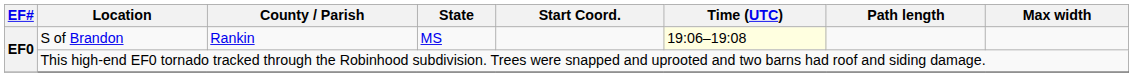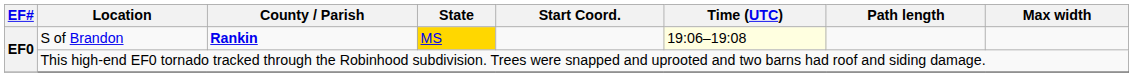 <table class="wikitable sortable" style="width:100%;">
 <tr>
 <th scope="col" width="2%" align="center"><a href='#'>EF#</a></th>
 <th scope="col" align="center" class="unsortable">Location</th>
 <th scope="col" align="center" class="unsortable">County / Parish</th>
 <th scope="col" align="center">State</th>
 <th scope="col" align="center">Start Coord.</th>
 <th scope="col" align="center">Time (<a href='#'>UTC</a>)</th>
 <th scope="col" align="center">Path length</th>
 <th scope="col" align="center">Max width</th>
 </tr>
 <tr>
 <th scope="row" rowspan="2" style="background-color:#">EF0</th>
 <td>S of <a href='#'>Brandon</a></td>
-<td><a href='#'>Rankin</a></td>
-<td><a href='#'>MS</a></td>
+<td><strong><a href='#'>Rankin</a></strong></td>
+<td style="background: gold;"><a href='#'>MS</a></td>
 <td></td>
 <td style="background: lightyellow;">19:06–19:08</td>
 <td></td>
 <td></td>
 </tr>
 <tr class="expand-child">
 <td colspan="8" style=" border-bottom: 1px solid black;">This high-end EF0 tornado tracked through the Robinhood subdivision. Trees were snapped and uprooted and two barns had roof and siding damage.</td>
 </tr>
 <tr>
 </tr>
 </table>
